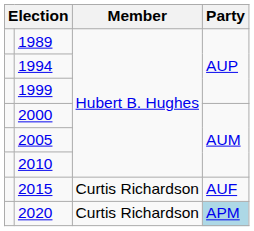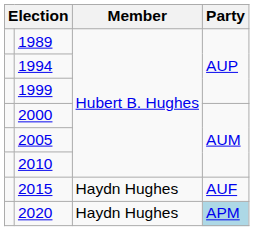 <table class="wikitable">
 <tr>
 <th colspan=2>Election</th>
 <th>Member</th>
 <th>Party</th>
 </tr>
 <tr>
 <td style="background-color: "></td>
 <td><a href='#'>1989</a></td>
 <td rowspan="6"><a href='#'>Hubert B. Hughes</a></td>
 <td rowspan="3"><a href='#'>AUP</a></td>
 </tr>
 <tr>
 <td style="background-color: "></td>
 <td><a href='#'>1994</a></td>
 </tr>
 <tr>
 <td style="background-color: "></td>
 <td><a href='#'>1999</a></td>
 </tr>
 <tr>
 <td style="background-color: "></td>
 <td><a href='#'>2000</a></td>
 <td rowspan="3"><a href='#'>AUM</a></td>
 </tr>
 <tr>
 <td style="background-color: "></td>
 <td><a href='#'>2005</a></td>
 </tr>
 <tr>
 <td style="background-color: "></td>
 <td><a href='#'>2010</a></td>
 </tr>
 <tr>
 <td style="background-color: "></td>
 <td><a href='#'>2015</a></td>
-<td>Curtis Richardson</td>
+<td>Haydn Hughes</td>
 <td><a href='#'>AUF</a></td>
 </tr>
 <tr>
 <td style="background-color: "></td>
 <td><a href='#'>2020</a></td>
-<td>Curtis Richardson</td>
+<td>Haydn Hughes</td>
 <td style="background: lightblue;"><a href='#'>APM</a></td>
 </tr>
 </table>
